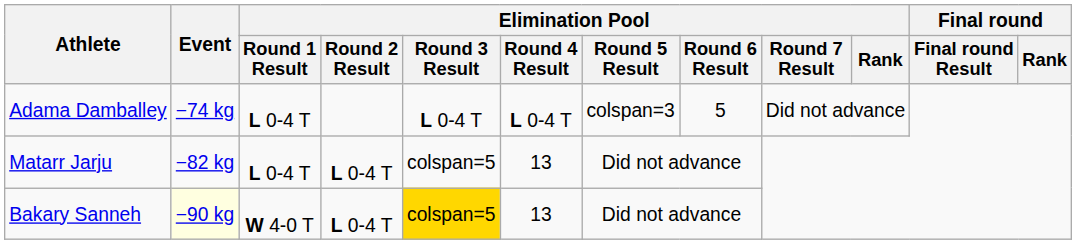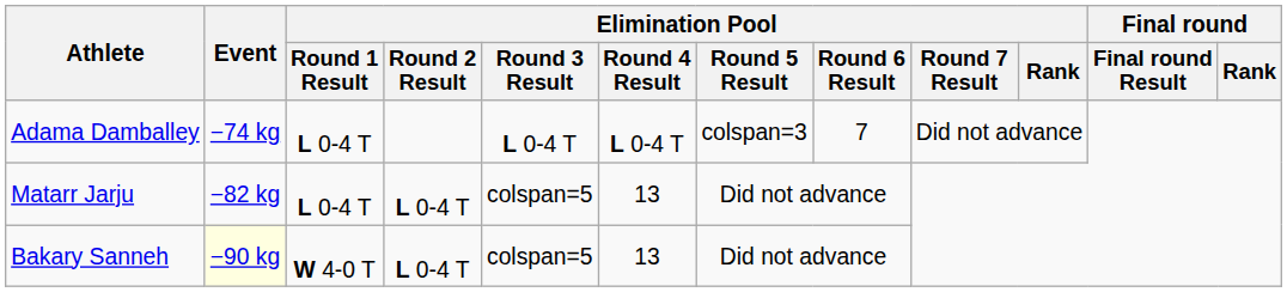 <table class="wikitable" style="font-size:90%">
 <tr>
 <th rowspan="2">Athlete</th>
 <th rowspan="2">Event</th>
 <th colspan=8>Elimination Pool</th>
 <th colspan=2>Final round</th>
 </tr>
 <tr style="font-size: 95%">
 <th>Round 1<br>Result</th>
 <th>Round 2<br>Result</th>
 <th>Round 3<br>Result</th>
 <th>Round 4<br>Result</th>
 <th>Round 5<br>Result</th>
 <th>Round 6<br>Result</th>
 <th>Round 7<br>Result</th>
 <th>Rank</th>
 <th>Final round<br>Result</th>
 <th>Rank</th>
 </tr>
 <tr align=center>
 <td align=left><a href='#'>Adama Damballey</a></td>
 <td align=left><a href='#'>−74 kg</a></td>
 <td><br><strong>L</strong> 0-4 T</td>
 <td></td>
 <td><br><strong>L</strong> 0-4 T</td>
 <td><br><strong>L</strong> 0-4 T</td>
 <td>colspan=3 </td>
-<td>5</td>
+<td>7</td>
 <td colspan=2>Did not advance</td>
 </tr>
 <tr align=center>
 <td align=left><a href='#'>Matarr Jarju</a></td>
 <td align=left><a href='#'>−82 kg</a></td>
 <td><br><strong>L</strong> 0-4 T</td>
 <td><br><strong>L</strong> 0-4 T</td>
 <td>colspan=5 </td>
 <td>13</td>
 <td colspan=2>Did not advance</td>
 </tr>
 <tr align=center>
 <td align=left><a href='#'>Bakary Sanneh</a></td>
 <td align=left style="background: lightyellow;"><a href='#'>−90 kg</a></td>
 <td><br><strong>W</strong> 4-0 T</td>
 <td><br><strong>L</strong> 0-4 T</td>
-<td style="background: gold;">colspan=5 </td>
+<td>colspan=5 </td>
 <td>13</td>
 <td colspan=2>Did not advance</td>
 </tr>
 </table>
